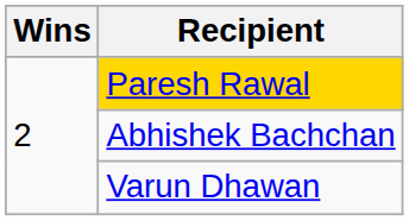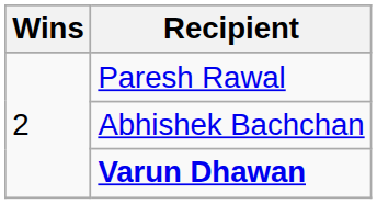 <table class="wikitable">
 <tr>
 <th>Wins</th>
 <th>Recipient</th>
 </tr>
 <tr>
 <td rowspan="3">2</td>
-<td style="background: gold;"><a href='#'>Paresh Rawal</a></td>
+<td><a href='#'>Paresh Rawal</a></td>
 </tr>
 <tr>
 <td><a href='#'>Abhishek Bachchan</a></td>
 </tr>
 <tr>
-<td><a href='#'>Varun Dhawan</a></td>
+<td><strong><a href='#'>Varun Dhawan</a></strong></td>
 </tr>
 </table>
